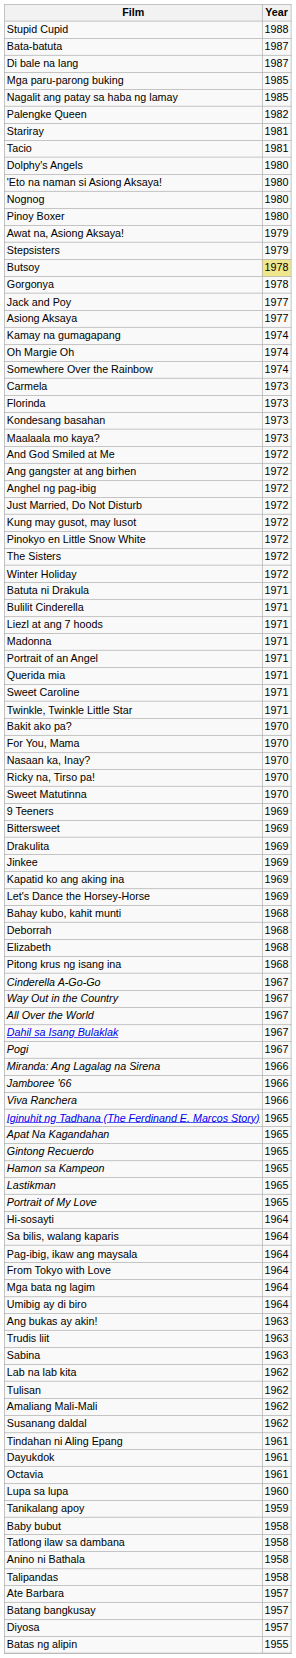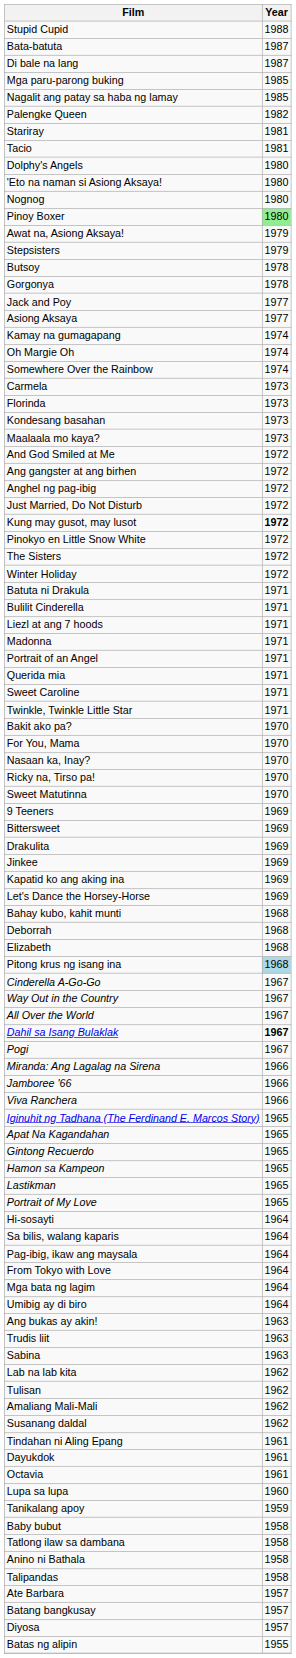 <table class=wikitable>
 <tr>
 <th>Film</th>
 <th>Year</th>
 </tr>
 <tr>
 <td>Stupid Cupid</td>
 <td>1988</td>
 </tr>
 <tr>
 <td>Bata-batuta</td>
 <td>1987</td>
 </tr>
 <tr>
 <td>Di bale na lang</td>
 <td>1987</td>
 </tr>
 <tr>
 <td>Mga paru-parong buking</td>
 <td>1985</td>
 </tr>
 <tr>
 <td>Nagalit ang patay sa haba ng lamay</td>
 <td>1985</td>
 </tr>
 <tr>
 <td>Palengke Queen</td>
 <td>1982</td>
 </tr>
 <tr>
 <td>Stariray</td>
 <td>1981</td>
 </tr>
 <tr>
 <td>Tacio</td>
 <td>1981</td>
 </tr>
 <tr>
 <td>Dolphy's Angels</td>
 <td>1980</td>
 </tr>
 <tr>
 <td>'Eto na naman si Asiong Aksaya!</td>
 <td>1980</td>
 </tr>
 <tr>
 <td>Nognog</td>
 <td>1980</td>
 </tr>
 <tr>
 <td>Pinoy Boxer</td>
-<td>1980</td>
+<td style="background: lightgreen;">1980</td>
 </tr>
 <tr>
 <td>Awat na, Asiong Aksaya!</td>
 <td>1979</td>
 </tr>
 <tr>
 <td>Stepsisters</td>
 <td>1979</td>
 </tr>
 <tr>
 <td>Butsoy</td>
-<td style="background: khaki;">1978</td>
+<td>1978</td>
 </tr>
 <tr>
 <td>Gorgonya</td>
 <td>1978</td>
 </tr>
 <tr>
 <td>Jack and Poy</td>
 <td>1977</td>
 </tr>
 <tr>
 <td>Asiong Aksaya</td>
 <td>1977</td>
 </tr>
 <tr>
 <td>Kamay na gumagapang</td>
 <td>1974</td>
 </tr>
 <tr>
 <td>Oh Margie Oh</td>
 <td>1974</td>
 </tr>
 <tr>
 <td>Somewhere Over the Rainbow</td>
 <td>1974</td>
 </tr>
 <tr>
 <td>Carmela</td>
 <td>1973</td>
 </tr>
 <tr>
 <td>Florinda</td>
 <td>1973</td>
 </tr>
 <tr>
 <td>Kondesang basahan</td>
 <td>1973</td>
 </tr>
 <tr>
 <td>Maalaala mo kaya?</td>
 <td>1973</td>
 </tr>
 <tr>
 <td>And God Smiled at Me</td>
 <td>1972</td>
 </tr>
 <tr>
 <td>Ang gangster at ang birhen</td>
 <td>1972</td>
 </tr>
 <tr>
 <td>Anghel ng pag-ibig</td>
 <td>1972</td>
 </tr>
 <tr>
 <td>Just Married, Do Not Disturb</td>
 <td>1972</td>
 </tr>
 <tr>
 <td>Kung may gusot, may lusot</td>
-<td>1972</td>
+<td><strong>1972</strong></td>
 </tr>
 <tr>
 <td>Pinokyo en Little Snow White</td>
 <td>1972</td>
 </tr>
 <tr>
 <td>The Sisters</td>
 <td>1972</td>
 </tr>
 <tr>
 <td>Winter Holiday</td>
 <td>1972</td>
 </tr>
 <tr>
 <td>Batuta ni Drakula</td>
 <td>1971</td>
 </tr>
 <tr>
 <td>Bulilit Cinderella</td>
 <td>1971</td>
 </tr>
 <tr>
 <td>Liezl at ang 7 hoods</td>
 <td>1971</td>
 </tr>
 <tr>
 <td>Madonna</td>
 <td>1971</td>
 </tr>
 <tr>
 <td>Portrait of an Angel</td>
 <td>1971</td>
 </tr>
 <tr>
 <td>Querida mia</td>
 <td>1971</td>
 </tr>
 <tr>
 <td>Sweet Caroline</td>
 <td>1971</td>
 </tr>
 <tr>
 <td>Twinkle, Twinkle Little Star</td>
 <td>1971</td>
 </tr>
 <tr>
 <td>Bakit ako pa?</td>
 <td>1970</td>
 </tr>
 <tr>
 <td>For You, Mama</td>
 <td>1970</td>
 </tr>
 <tr>
 <td>Nasaan ka, Inay?</td>
 <td>1970</td>
 </tr>
 <tr>
 <td>Ricky na, Tirso pa!</td>
 <td>1970</td>
 </tr>
 <tr>
 <td>Sweet Matutinna</td>
 <td>1970</td>
 </tr>
 <tr>
 <td>9 Teeners</td>
 <td>1969</td>
 </tr>
 <tr>
 <td>Bittersweet</td>
 <td>1969</td>
 </tr>
 <tr>
 <td>Drakulita</td>
 <td>1969</td>
 </tr>
 <tr>
 <td>Jinkee</td>
 <td>1969</td>
 </tr>
 <tr>
 <td>Kapatid ko ang aking ina</td>
 <td>1969</td>
 </tr>
 <tr>
 <td>Let's Dance the Horsey-Horse</td>
 <td>1969</td>
 </tr>
 <tr>
 <td>Bahay kubo, kahit munti</td>
 <td>1968</td>
 </tr>
 <tr>
 <td>Deborrah</td>
 <td>1968</td>
 </tr>
 <tr>
 <td>Elizabeth</td>
 <td>1968</td>
 </tr>
 <tr>
 <td>Pitong krus ng isang ina</td>
-<td>1968</td>
+<td style="background: lightblue;">1968</td>
 </tr>
 <tr>
 <td><em>Cinderella A-Go-Go</em></td>
 <td>1967</td>
 </tr>
 <tr>
 <td><em>Way Out in the Country</em></td>
 <td>1967</td>
 </tr>
 <tr>
 <td><em>All Over the World</em></td>
 <td>1967</td>
 </tr>
 <tr>
 <td><em><a href='#'>Dahil sa Isang Bulaklak</a></em></td>
-<td>1967</td>
+<td><strong>1967</strong></td>
 </tr>
 <tr>
 <td><em>Pogi</em></td>
 <td>1967</td>
 </tr>
 <tr>
 <td><em>Miranda: Ang Lagalag na Sirena</em></td>
 <td>1966</td>
 </tr>
 <tr>
 <td><em>Jamboree '66</em></td>
 <td>1966</td>
 </tr>
 <tr>
 <td><em>Viva Ranchera</em></td>
 <td>1966</td>
 </tr>
 <tr>
 <td><em><a href='#'>Iginuhit ng Tadhana (The Ferdinand E. Marcos Story)</a></em></td>
 <td>1965</td>
 </tr>
 <tr>
 <td><em>Apat Na Kagandahan</em></td>
 <td>1965</td>
 </tr>
 <tr>
 <td><em>Gintong Recuerdo</em></td>
 <td>1965</td>
 </tr>
 <tr>
 <td><em>Hamon sa Kampeon</em></td>
 <td>1965</td>
 </tr>
 <tr>
 <td><em>Lastikman</em></td>
 <td>1965</td>
 </tr>
 <tr>
 <td><em>Portrait of My Love</em></td>
 <td>1965</td>
 </tr>
 <tr>
 <td>Hi-sosayti</td>
 <td>1964</td>
 </tr>
 <tr>
 <td>Sa bilis, walang kaparis</td>
 <td>1964</td>
 </tr>
 <tr>
 <td>Pag-ibig, ikaw ang maysala</td>
 <td>1964</td>
 </tr>
 <tr>
 <td>From Tokyo with Love</td>
 <td>1964</td>
 </tr>
 <tr>
 <td>Mga bata ng lagim</td>
 <td>1964</td>
 </tr>
 <tr>
 <td>Umibig ay di biro</td>
 <td>1964</td>
 </tr>
 <tr>
 <td>Ang bukas ay akin!</td>
 <td>1963</td>
 </tr>
 <tr>
 <td>Trudis liit</td>
 <td>1963</td>
 </tr>
 <tr>
 <td>Sabina</td>
 <td>1963</td>
 </tr>
 <tr>
 <td>Lab na lab kita</td>
 <td>1962</td>
 </tr>
 <tr>
 <td>Tulisan</td>
 <td>1962</td>
 </tr>
 <tr>
 <td>Amaliang Mali-Mali</td>
 <td>1962</td>
 </tr>
 <tr>
 <td>Susanang daldal</td>
 <td>1962</td>
 </tr>
 <tr>
 <td>Tindahan ni Aling Epang</td>
 <td>1961</td>
 </tr>
 <tr>
 <td>Dayukdok</td>
 <td>1961</td>
 </tr>
 <tr>
 <td>Octavia</td>
 <td>1961</td>
 </tr>
 <tr>
 <td>Lupa sa lupa</td>
 <td>1960</td>
 </tr>
 <tr>
 <td>Tanikalang apoy</td>
 <td>1959</td>
 </tr>
 <tr>
 <td>Baby bubut</td>
 <td>1958</td>
 </tr>
 <tr>
 <td>Tatlong ilaw sa dambana</td>
 <td>1958</td>
 </tr>
 <tr>
 <td>Anino ni Bathala</td>
 <td>1958</td>
 </tr>
 <tr>
 <td>Talipandas</td>
 <td>1958</td>
 </tr>
 <tr>
 <td>Ate Barbara</td>
 <td>1957</td>
 </tr>
 <tr>
 <td>Batang bangkusay</td>
 <td>1957</td>
 </tr>
 <tr>
 <td>Diyosa</td>
 <td>1957</td>
 </tr>
 <tr>
 <td>Batas ng alipin</td>
 <td>1955</td>
 </tr>
 <tr>
 </tr>
 </table>
